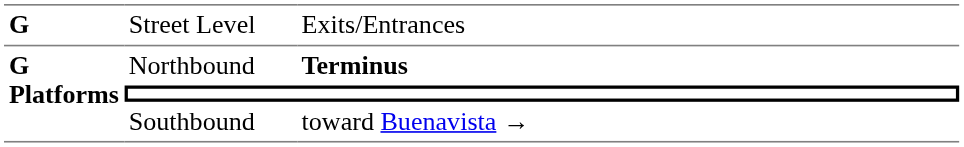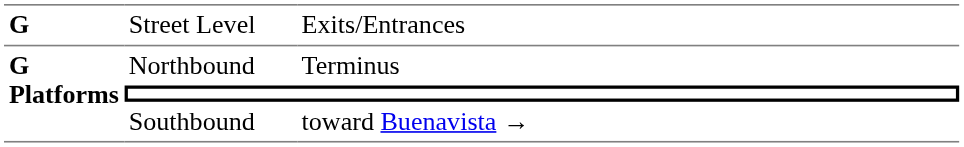 <table border=0 cellspacing=0 cellpadding=3>
 <tr>
 <td style="border-top:solid 1px gray;" width=50 valign=top><strong>G</strong></td>
 <td style="border-top:solid 1px gray;" width=100 valign=top>Street Level</td>
 <td style="border-top:solid 1px gray;" width=400 valign=top>Exits/Entrances</td>
 </tr>
 <tr>
 <td style="border-bottom:solid 1px gray;border-top:solid 1px gray;" width=50 rowspan=3 valign=top><strong>G<br>Platforms</strong></td>
 <td style="border-top:solid 1px gray;" width=100>Northbound</td>
-<td style="border-top:solid 1px gray;" width=390><strong>Terminus</strong></td>
+<td style="border-top:solid 1px gray;" width=390>Terminus</td>
 </tr>
 <tr>
 <td style="border-top:solid 2px black;border-right:solid 2px black;border-left:solid 2px black;border-bottom:solid 2px black;text-align:center;" colspan=2></td>
 </tr>
 <tr>
 <td style="border-bottom:solid 1px gray;">Southbound</td>
 <td style="border-bottom:solid 1px gray;">   toward <a href='#'>Buenavista</a> →</td>
 </tr>
 </table>
